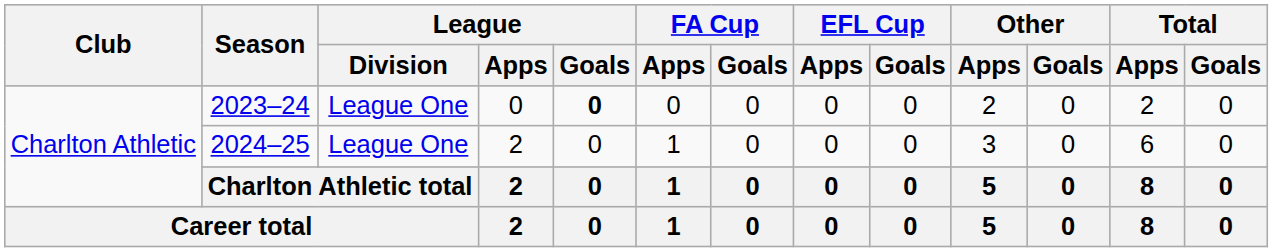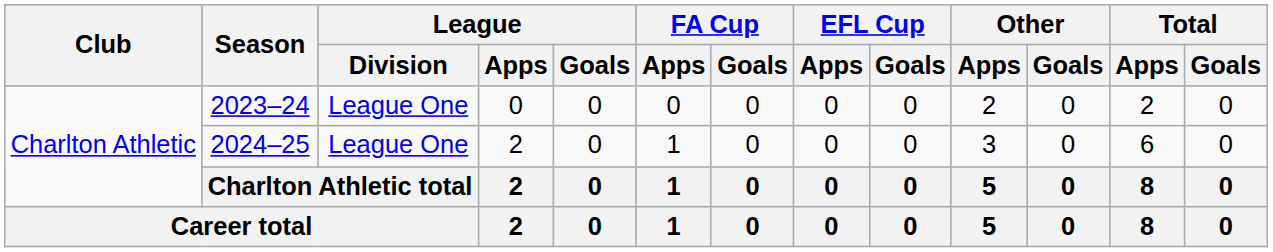 <table class="wikitable" style="text-align: center;">
 <tr>
 <th rowspan="2">Club</th>
 <th rowspan="2">Season</th>
 <th colspan="3">League</th>
 <th colspan="2"><a href='#'>FA Cup</a></th>
 <th colspan="2"><a href='#'>EFL Cup</a></th>
 <th colspan="2">Other</th>
 <th colspan="2">Total</th>
 </tr>
 <tr>
 <th>Division</th>
 <th>Apps</th>
 <th>Goals</th>
 <th>Apps</th>
 <th>Goals</th>
 <th>Apps</th>
 <th>Goals</th>
 <th>Apps</th>
 <th>Goals</th>
 <th>Apps</th>
 <th>Goals</th>
 </tr>
 <tr>
 <td rowspan="3"><a href='#'>Charlton Athletic</a></td>
 <td><a href='#'>2023–24</a></td>
 <td><a href='#'>League One</a></td>
 <td>0</td>
-<td><strong>0</strong></td>
+<td>0</td>
 <td>0</td>
 <td>0</td>
 <td>0</td>
 <td>0</td>
 <td>2</td>
 <td>0</td>
 <td>2</td>
 <td>0</td>
 </tr>
 <tr>
 <td><a href='#'>2024–25</a></td>
 <td><a href='#'>League One</a></td>
 <td>2</td>
 <td>0</td>
 <td>1</td>
 <td>0</td>
 <td>0</td>
 <td>0</td>
 <td>3</td>
 <td>0</td>
 <td>6</td>
 <td>0</td>
 </tr>
 <tr>
 <th colspan="2">Charlton Athletic total</th>
 <th>2</th>
 <th>0</th>
 <th>1</th>
 <th>0</th>
 <th>0</th>
 <th>0</th>
 <th>5</th>
 <th>0</th>
 <th>8</th>
 <th>0</th>
 </tr>
 <tr>
 <th colspan="3">Career total</th>
 <th>2</th>
 <th>0</th>
 <th>1</th>
 <th>0</th>
 <th>0</th>
 <th>0</th>
 <th>5</th>
 <th>0</th>
 <th>8</th>
 <th>0</th>
 </tr>
 </table>
